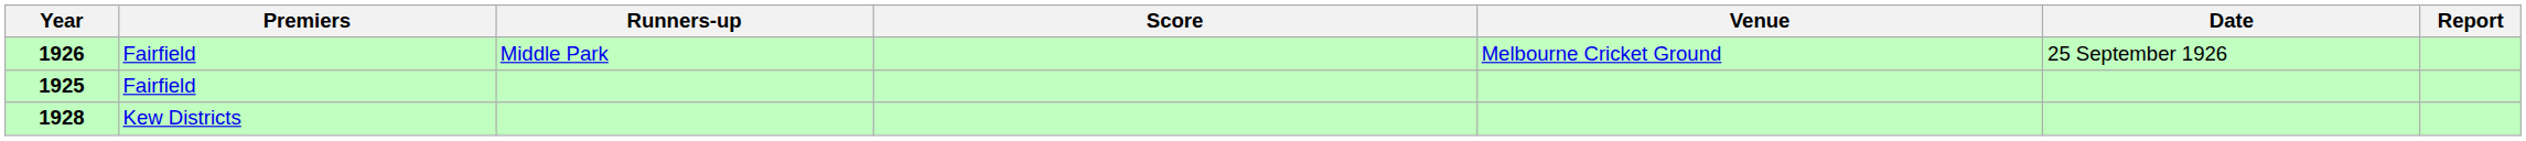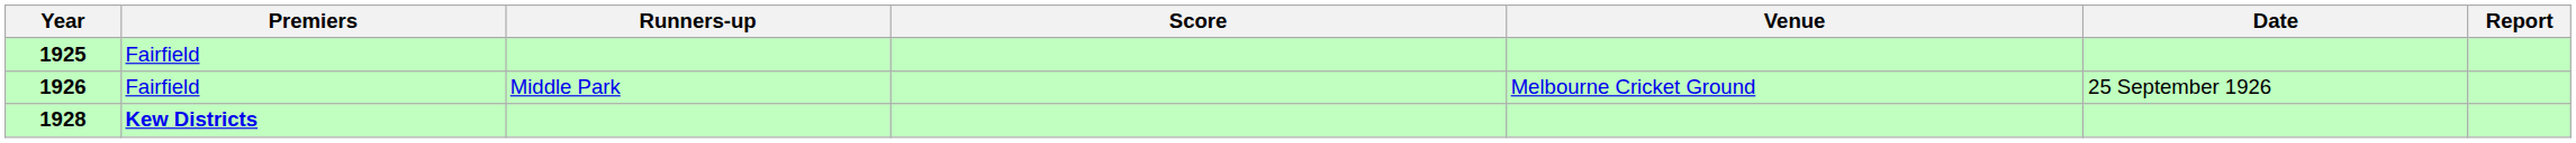 <table class="wikitable sortable" style="text-align:left; text-valign:center">
 <tr>
 <th width=3%>Year</th>
 <th width=10%>Premiers</th>
 <th width=10%>Runners-up</th>
 <th width=16%>Score</th>
 <th width=15%>Venue</th>
 <th width=10%; class=unsortable>Date</th>
 <th width=2%; class=unsortable>Report</th>
 </tr>
 <tr style="background:#C0FFC0;">
+<td align="center"><strong>1925</strong></td>
+<td><a href='#'>Fairfield</a> </td>
+<td></td>
+<td align=center></td>
+<td></td>
+<td></td>
+<td align=center></td>
+</tr>
+<tr style="background:#C0FFC0;">
 <td align="center"><strong>1926</strong></td>
 <td><a href='#'>Fairfield</a> </td>
 <td><a href='#'>Middle Park</a></td>
 <td align=center></td>
 <td><a href='#'>Melbourne Cricket Ground</a></td>
 <td>25 September 1926</td>
 <td align=center></td>
 </tr>
 <tr style="background:#C0FFC0;">
-<td align="center"><strong>1925</strong></td>
-<td><a href='#'>Fairfield</a> </td>
-<td></td>
-<td align=center></td>
-<td></td>
-<td></td>
-<td align=center></td>
-</tr>
-<tr style="background:#C0FFC0;">
 <td align="center"><strong>1928</strong></td>
-<td><a href='#'>Kew Districts</a></td>
+<td><strong><a href='#'>Kew Districts</a></strong></td>
 <td></td>
 <td align=center></td>
 <td></td>
 <td></td>
 <td align=center></td>
 </tr>
 </table>
